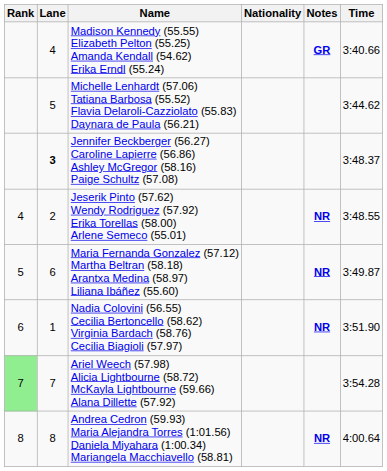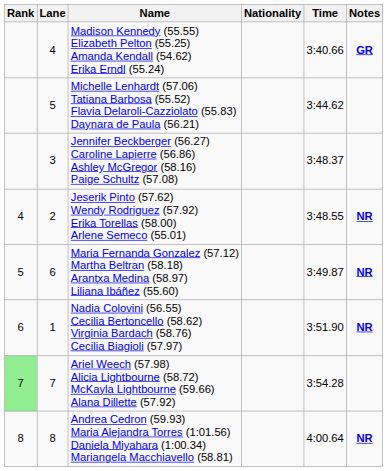 <table class="wikitable sortable" style="text-align:center">
 <tr>
 <th>Rank</th>
 <th>Lane</th>
 <th>Name</th>
 <th>Nationality</th>
+<th>Time</th>
 <th>Notes</th>
-<th>Time</th>
 </tr>
 <tr>
 <td></td>
 <td>4</td>
 <td align=left><a href='#'>Madison Kennedy</a> (55.55)<br><a href='#'>Elizabeth Pelton</a> (55.25)<br><a href='#'>Amanda Kendall</a> (54.62)<br><a href='#'>Erika Erndl</a> (55.24)</td>
 <td align=left></td>
+<td>3:40.66</td>
 <td><strong><a href='#'>GR</a></strong></td>
-<td>3:40.66</td>
 </tr>
 <tr>
 <td></td>
 <td>5</td>
 <td align=left><a href='#'>Michelle Lenhardt</a> (57.06)<br><a href='#'>Tatiana Barbosa</a> (55.52)<br><a href='#'>Flavia Delaroli-Cazziolato</a> (55.83)<br><a href='#'>Daynara de Paula</a> (56.21)</td>
 <td align=left></td>
+<td>3:44.62</td>
 <td></td>
-<td>3:44.62</td>
 </tr>
 <tr>
 <td></td>
-<td><strong>3</strong></td>
+<td>3</td>
 <td align=left><a href='#'>Jennifer Beckberger</a> (56.27)<br><a href='#'>Caroline Lapierre</a> (56.86)<br><a href='#'>Ashley McGregor</a> (58.16)<br><a href='#'>Paige Schultz</a> (57.08)</td>
 <td align=left></td>
+<td>3:48.37</td>
 <td></td>
-<td>3:48.37</td>
 </tr>
 <tr>
 <td>4</td>
 <td>2</td>
 <td align=left><a href='#'>Jeserik Pinto</a> (57.62)<br><a href='#'>Wendy Rodriguez</a> (57.92)<br><a href='#'>Erika Torellas</a> (58.00)<br><a href='#'>Arlene Semeco</a> (55.01)</td>
 <td align=left></td>
+<td>3:48.55</td>
 <td><strong><a href='#'>NR</a></strong></td>
-<td>3:48.55</td>
 </tr>
 <tr>
 <td>5</td>
 <td>6</td>
 <td align=left><a href='#'>Maria Fernanda Gonzalez</a> (57.12)<br><a href='#'>Martha Beltran</a> (58.18)<br><a href='#'>Arantxa Medina</a> (58.97)<br><a href='#'>Liliana Ibáñez</a> (55.60)</td>
 <td align=left></td>
+<td>3:49.87</td>
 <td><strong><a href='#'>NR</a></strong></td>
-<td>3:49.87</td>
 </tr>
 <tr>
 <td>6</td>
 <td>1</td>
 <td align=left><a href='#'>Nadia Colovini</a> (56.55)<br><a href='#'>Cecilia Bertoncello</a> (58.62)<br><a href='#'>Virginia Bardach</a> (58.76)<br><a href='#'>Cecilia Biagioli</a> (57.97)</td>
 <td align=left></td>
+<td>3:51.90</td>
 <td><strong><a href='#'>NR</a></strong></td>
-<td>3:51.90</td>
 </tr>
 <tr>
 <td style="background: lightgreen;">7</td>
 <td>7</td>
 <td align=left><a href='#'>Ariel Weech</a> (57.98)<br><a href='#'>Alicia Lightbourne</a> (58.72)<br><a href='#'>McKayla Lightbourne</a> (59.66)<br><a href='#'>Alana Dillette</a> (57.92)</td>
 <td align=left></td>
+<td>3:54.28</td>
 <td></td>
-<td>3:54.28</td>
 </tr>
 <tr>
 <td>8</td>
 <td>8</td>
 <td align=left><a href='#'>Andrea Cedron</a> (59.93)<br><a href='#'>Maria Alejandra Torres</a> (1:01.56)<br><a href='#'>Daniela Miyahara</a> (1:00.34)<br><a href='#'>Mariangela Macchiavello</a> (58.81)</td>
 <td align=left></td>
+<td>4:00.64</td>
 <td><strong><a href='#'>NR</a></strong></td>
-<td>4:00.64</td>
 </tr>
 </table>
